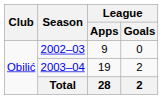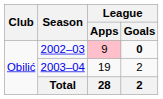 <table class="wikitable" style="text-align:center">
 <tr>
 <th rowspan="2">Club</th>
 <th rowspan="2">Season</th>
 <th colspan="2">League</th>
 </tr>
 <tr>
 <th>Apps</th>
 <th>Goals</th>
 </tr>
 <tr>
 <td rowspan="3"><a href='#'>Obilić</a></td>
 <td><a href='#'>2002–03</a></td>
-<td>9</td>
-<td>0</td>
+<td style="background: pink;">9</td>
+<td><strong>0</strong></td>
 </tr>
 <tr>
 <td><a href='#'>2003–04</a></td>
 <td>19</td>
 <td>2</td>
 </tr>
 <tr>
 <th>Total</th>
 <th>28</th>
 <th>2</th>
 </tr>
 </table>
